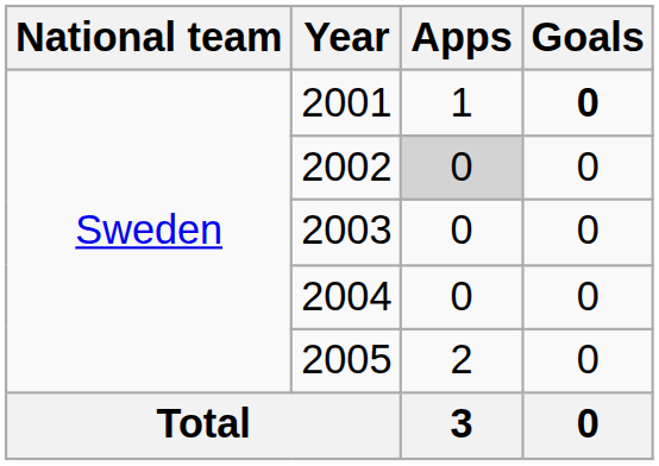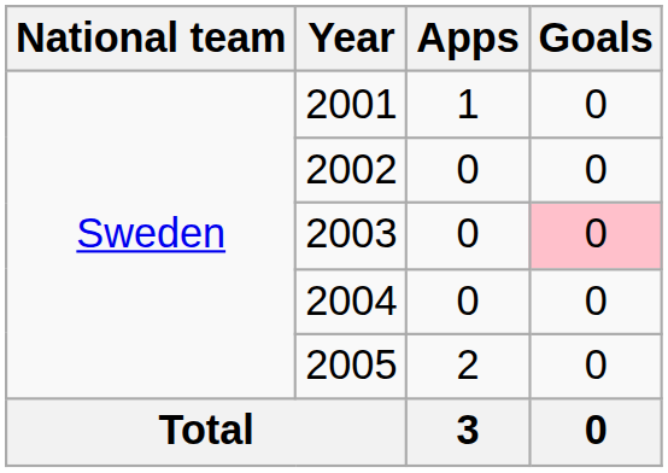 <table class="wikitable" style="text-align:center">
 <tr>
 <th>National team</th>
 <th>Year</th>
 <th>Apps</th>
 <th>Goals</th>
 </tr>
 <tr>
 <td rowspan="5"><a href='#'>Sweden</a></td>
 <td>2001</td>
 <td>1</td>
-<td><strong>0</strong></td>
+<td>0</td>
 </tr>
 <tr>
 <td>2002</td>
-<td style="background: lightgrey;">0</td>
+<td>0</td>
 <td>0</td>
 </tr>
 <tr>
 <td>2003</td>
 <td>0</td>
-<td>0</td>
+<td style="background: pink;">0</td>
 </tr>
 <tr>
 <td>2004</td>
 <td>0</td>
 <td>0</td>
 </tr>
 <tr>
 <td>2005</td>
 <td>2</td>
 <td>0</td>
 </tr>
 <tr>
 <th colspan="2">Total</th>
 <th>3</th>
 <th>0</th>
 </tr>
 </table>
